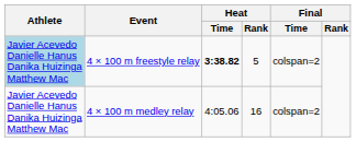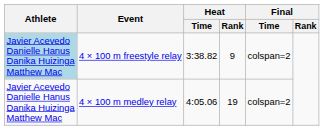 <table class=wikitable style="font-size:90%">
 <tr>
 <th rowspan=2>Athlete</th>
 <th rowspan=2>Event</th>
 <th colspan="2">Heat</th>
 <th colspan="2">Final</th>
 </tr>
 <tr style="font-size:95%">
 <th>Time</th>
 <th>Rank</th>
 <th>Time</th>
 <th>Rank</th>
 </tr>
 <tr align=center>
 <td align=left style="background: lightblue;"><a href='#'>Javier Acevedo</a><br><a href='#'>Danielle Hanus</a><br><a href='#'>Danika Huizinga</a><br><a href='#'>Matthew Mac</a></td>
 <td align=left><a href='#'>4 × 100 m freestyle relay</a></td>
-<td><strong>3:38.82</strong></td>
-<td>5</td>
+<td>3:38.82</td>
+<td>9</td>
 <td>colspan=2 </td>
 </tr>
 <tr align=center>
 <td align=left><a href='#'>Javier Acevedo</a><br><a href='#'>Danielle Hanus</a><br><a href='#'>Danika Huizinga</a><br><a href='#'>Matthew Mac</a></td>
 <td align=left><a href='#'>4 × 100 m medley relay</a></td>
 <td>4:05.06</td>
-<td>16</td>
+<td>19</td>
 <td>colspan=2 </td>
 </tr>
 </table>
